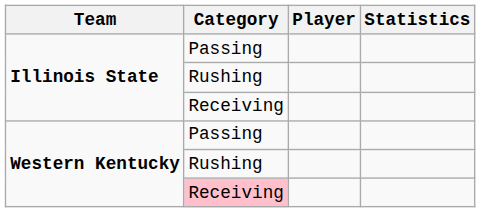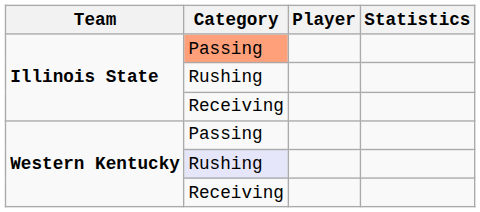 <table class="wikitable" style="float: right;">
 <tr>
 <th>Team</th>
 <th>Category</th>
 <th>Player</th>
 <th>Statistics</th>
 </tr>
 <tr>
 <td rowspan=3><strong>Illinois State</strong></td>
-<td>Passing</td>
+<td style="background: lightsalmon;">Passing</td>
 <td></td>
 <td></td>
 </tr>
 <tr>
 <td>Rushing</td>
 <td></td>
 <td></td>
 </tr>
 <tr>
 <td>Receiving</td>
 <td></td>
 <td></td>
 </tr>
 <tr>
 <td rowspan=3><strong>Western Kentucky</strong></td>
 <td>Passing</td>
 <td></td>
 <td></td>
 </tr>
 <tr>
-<td>Rushing</td>
+<td style="background: lavender;">Rushing</td>
 <td></td>
 <td></td>
 </tr>
 <tr>
-<td style="background: pink;">Receiving</td>
+<td>Receiving</td>
 <td></td>
 <td></td>
 </tr>
 </table>
